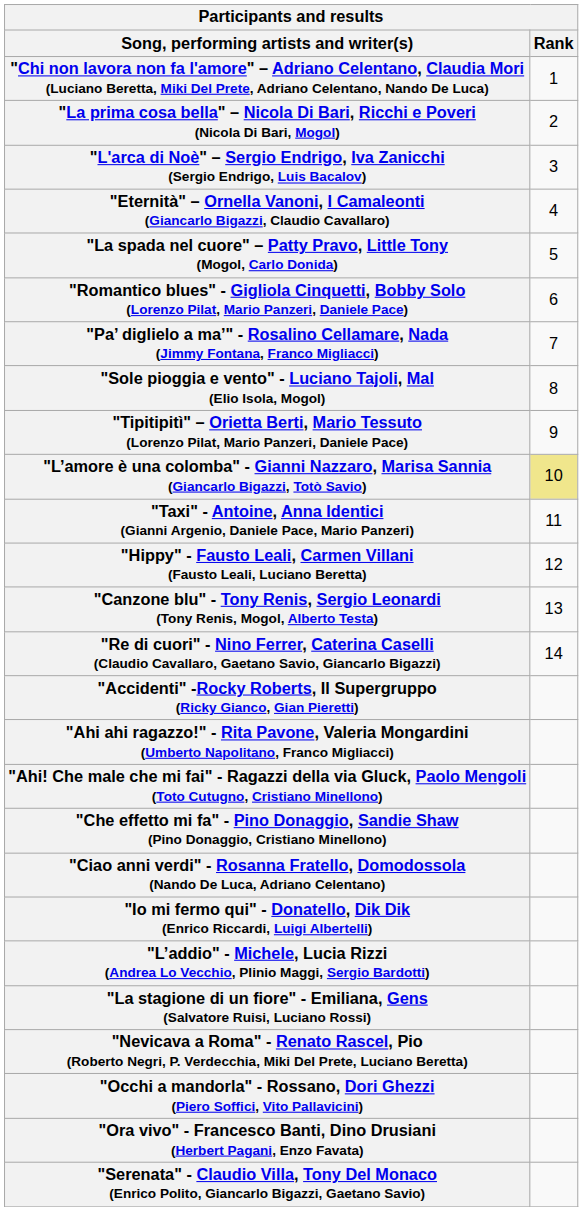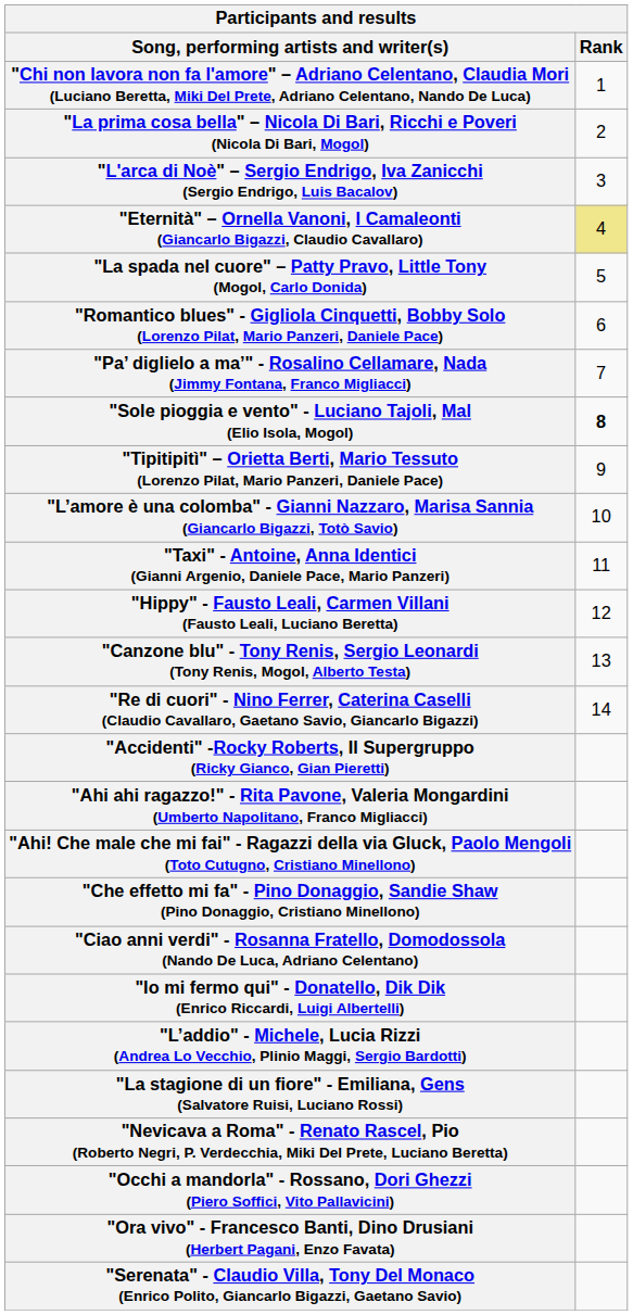 <table class="plainrowheaders wikitable">
 <tr>
 <th colspan="3">Participants and results</th>
 </tr>
 <tr>
 <th>Song, performing artists and writer(s)</th>
 <th>Rank</th>
 </tr>
 <tr>
 <th scope="row">"<a href='#'>Chi non lavora non fa l'amore</a>" –  <a href='#'>Adriano Celentano</a>, <a href='#'>Claudia Mori</a>     <br><small>  (Luciano Beretta, <a href='#'>Miki Del Prete</a>, Adriano Celentano, Nando De Luca)</small></th>
 <td style="text-align:center;">1</td>
 </tr>
 <tr>
 <th scope="row">"<a href='#'>La prima cosa bella</a>" – <a href='#'>Nicola Di Bari</a>, <a href='#'>Ricchi e Poveri</a> <br><small>(Nicola Di Bari, <a href='#'>Mogol</a>)</small></th>
 <td style="text-align:center;">2</td>
 </tr>
 <tr>
 <th scope="row">"<a href='#'>L'arca di Noè</a>" – <a href='#'>Sergio Endrigo</a>, <a href='#'>Iva Zanicchi</a>  <br><small> 	(Sergio Endrigo, <a href='#'>Luis Bacalov</a>) </small></th>
 <td style="text-align:center;">3</td>
 </tr>
 <tr>
 <th scope="row">"Eternità" –  	<a href='#'>Ornella Vanoni</a>, <a href='#'>I Camaleonti</a>  <br><small>(<a href='#'>Giancarlo Bigazzi</a>, Claudio Cavallaro)</small></th>
-<td style="text-align:center;">4</td>
+<td style="background: khaki; text-align:center;">4</td>
 </tr>
 <tr>
 <th scope="row">"La spada nel cuore"  –  <a href='#'>Patty Pravo</a>, <a href='#'>Little Tony</a>  <br><small>(Mogol, <a href='#'>Carlo Donida</a>)</small></th>
 <td style="text-align:center;">5</td>
 </tr>
 <tr>
 <th scope="row">"Romantico blues" -  	<a href='#'>Gigliola Cinquetti</a>, <a href='#'>Bobby Solo</a> <br><small>(<a href='#'>Lorenzo Pilat</a>, <a href='#'>Mario Panzeri</a>, <a href='#'>Daniele Pace</a>)</small></th>
 <td style="text-align:center;">6</td>
 </tr>
 <tr>
 <th scope="row">"Pa’ diglielo a ma’" -    <a href='#'>Rosalino Cellamare</a>, <a href='#'>Nada</a>  <br><small> (<a href='#'>Jimmy Fontana</a>, <a href='#'>Franco Migliacci</a>)</small></th>
 <td style="text-align:center;">7</td>
 </tr>
 <tr>
 <th scope="row">"Sole pioggia e vento" - <a href='#'>Luciano Tajoli</a>, <a href='#'>Mal</a>   <br><small>  (Elio Isola, Mogol)  </small></th>
-<td style="text-align:center;">8</td>
+<td style="text-align:center;"><strong>8</strong></td>
 </tr>
 <tr>
 <th scope="row">"Tipitipitì" – <a href='#'>Orietta Berti</a>, <a href='#'>Mario Tessuto</a>   <br><small> 	(Lorenzo Pilat, Mario Panzeri, Daniele Pace)</small></th>
 <td style="text-align:center;">9</td>
 </tr>
 <tr>
 <th scope="row">"L’amore è una colomba" - <a href='#'>Gianni Nazzaro</a>, <a href='#'>Marisa Sannia</a>  <br><small> 	(<a href='#'>Giancarlo Bigazzi</a>, <a href='#'>Totò Savio</a>)</small></th>
-<td style="background: khaki; text-align:center;">10</td>
+<td style="text-align:center;">10</td>
 </tr>
 <tr>
 <th scope="row">"Taxi" - <a href='#'>Antoine</a>, <a href='#'>Anna Identici</a> <br><small>  	(Gianni Argenio, Daniele Pace, Mario Panzeri)</small></th>
 <td style="text-align:center;">11</td>
 </tr>
 <tr>
 <th scope="row">"Hippy" - <a href='#'>Fausto Leali</a>, <a href='#'>Carmen Villani</a> <br><small> 	(Fausto Leali, Luciano Beretta)</small></th>
 <td style="text-align:center;">12</td>
 </tr>
 <tr>
 <th scope="row">"Canzone blu" - <a href='#'>Tony Renis</a>, <a href='#'>Sergio Leonardi</a> <br><small> 	  (Tony Renis, Mogol, <a href='#'>Alberto Testa</a>)</small></th>
 <td style="text-align:center;">13</td>
 </tr>
 <tr>
 <th scope="row">"Re di cuori" - <a href='#'>Nino Ferrer</a>, <a href='#'>Caterina Caselli</a> <br><small> 	(Claudio Cavallaro, Gaetano Savio, Giancarlo Bigazzi)</small></th>
 <td style="text-align:center;">14</td>
 </tr>
 <tr>
 <th scope="row">"Accidenti" -<a href='#'>Rocky Roberts</a>, Il Supergruppo <br><small> 	(<a href='#'>Ricky Gianco</a>, <a href='#'>Gian Pieretti</a>)</small></th>
 <td></td>
 </tr>
 <tr>
 <th scope="row">"Ahi ahi ragazzo!" - <a href='#'>Rita Pavone</a>, Valeria Mongardini  <br><small> 	(<a href='#'>Umberto Napolitano</a>, Franco Migliacci)</small></th>
 <td></td>
 </tr>
 <tr>
 <th scope="row">"Ahi! Che male che mi fai" - Ragazzi della via Gluck, <a href='#'>Paolo Mengoli</a>  <br><small> 	(<a href='#'>Toto Cutugno</a>, <a href='#'>Cristiano Minellono</a>)</small></th>
 <td></td>
 </tr>
 <tr>
 <th scope="row">"Che effetto mi fa" - <a href='#'>Pino Donaggio</a>, <a href='#'>Sandie Shaw</a> <br><small> 	 (Pino Donaggio, Cristiano Minellono)</small></th>
 <td></td>
 </tr>
 <tr>
 <th scope="row">"Ciao anni verdi" -  <a href='#'>Rosanna Fratello</a>, <a href='#'>Domodossola</a>  <br><small> 	(Nando De Luca, Adriano Celentano)</small></th>
 <td></td>
 </tr>
 <tr>
 <th scope="row">"Io mi fermo qui" -  <a href='#'>Donatello</a>, <a href='#'>Dik Dik</a> <br><small> 	(Enrico Riccardi, <a href='#'>Luigi Albertelli</a>)</small></th>
 <td></td>
 </tr>
 <tr>
 <th scope="row">"L’addio" -  <a href='#'>Michele</a>, Lucia Rizzi <br><small> 	(<a href='#'>Andrea Lo Vecchio</a>, Plinio Maggi, <a href='#'>Sergio Bardotti</a>)</small></th>
 <td></td>
 </tr>
 <tr>
 <th scope="row">"La stagione di un fiore" - Emiliana, <a href='#'>Gens</a>   <br><small> 	 (Salvatore Ruisi, Luciano Rossi)</small></th>
 <td></td>
 </tr>
 <tr>
 <th scope="row">"Nevicava a Roma" - <a href='#'>Renato Rascel</a>, Pio <br><small> 	(Roberto Negri, P. Verdecchia, Miki Del Prete, Luciano Beretta)</small></th>
 <td></td>
 </tr>
 <tr>
 <th scope="row">"Occhi a mandorla" - Rossano, <a href='#'>Dori Ghezzi</a>  <br><small> 	(<a href='#'>Piero Soffici</a>, <a href='#'>Vito Pallavicini</a>)</small></th>
 <td></td>
 </tr>
 <tr>
 <th scope="row">"Ora vivo" - Francesco Banti, Dino Drusiani <br><small> 	(<a href='#'>Herbert Pagani</a>, Enzo Favata)</small></th>
 <td></td>
 </tr>
 <tr>
 <th scope="row">"Serenata" -  <a href='#'>Claudio Villa</a>, <a href='#'>Tony Del Monaco</a>  <br><small> 	(Enrico Polito, Giancarlo Bigazzi, Gaetano Savio)</small></th>
 <td></td>
 </tr>
 <tr>
 </tr>
 </table>
